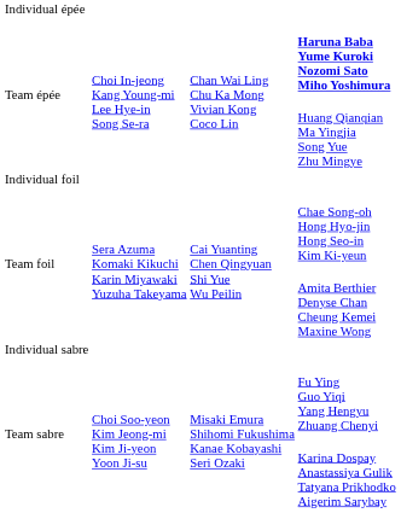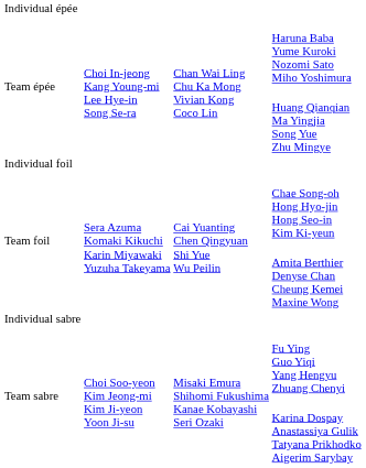 <table>
 <tr>
 <td rowspan=2>Individual épée</td>
 <td rowspan=2></td>
 <td rowspan=2></td>
 <td></td>
 </tr>
 <tr>
 <td></td>
 </tr>
 <tr>
 <td rowspan=2>Team épée</td>
 <td rowspan=2><br><a href='#'>Choi In-jeong</a><br><a href='#'>Kang Young-mi</a><br><a href='#'>Lee Hye-in</a><br><a href='#'>Song Se-ra</a></td>
 <td rowspan=2><br><a href='#'>Chan Wai Ling</a><br><a href='#'>Chu Ka Mong</a><br><a href='#'>Vivian Kong</a><br><a href='#'>Coco Lin</a></td>
-<td><strong><br><a href='#'>Haruna Baba</a><br><a href='#'>Yume Kuroki</a><br><a href='#'>Nozomi Sato</a><br><a href='#'>Miho Yoshimura</a></strong></td>
+<td><br><a href='#'>Haruna Baba</a><br><a href='#'>Yume Kuroki</a><br><a href='#'>Nozomi Sato</a><br><a href='#'>Miho Yoshimura</a></td>
 </tr>
 <tr>
 <td><br><a href='#'>Huang Qianqian</a><br><a href='#'>Ma Yingjia</a><br><a href='#'>Song Yue</a><br><a href='#'>Zhu Mingye</a></td>
 </tr>
 <tr>
 <td rowspan=2>Individual foil</td>
 <td rowspan=2></td>
 <td rowspan=2></td>
 <td></td>
 </tr>
 <tr>
 <td></td>
 </tr>
 <tr>
 <td rowspan=2>Team foil</td>
 <td rowspan=2><br><a href='#'>Sera Azuma</a><br><a href='#'>Komaki Kikuchi</a><br><a href='#'>Karin Miyawaki</a><br><a href='#'>Yuzuha Takeyama</a></td>
 <td rowspan=2><br><a href='#'>Cai Yuanting</a><br><a href='#'>Chen Qingyuan</a><br><a href='#'>Shi Yue</a><br><a href='#'>Wu Peilin</a></td>
 <td><br><a href='#'>Chae Song-oh</a><br><a href='#'>Hong Hyo-jin</a><br><a href='#'>Hong Seo-in</a><br><a href='#'>Kim Ki-yeun</a></td>
 </tr>
 <tr>
 <td><br><a href='#'>Amita Berthier</a><br><a href='#'>Denyse Chan</a><br><a href='#'>Cheung Kemei</a><br><a href='#'>Maxine Wong</a></td>
 </tr>
 <tr>
 <td rowspan=2>Individual sabre</td>
 <td rowspan=2></td>
 <td rowspan=2></td>
 <td></td>
 </tr>
 <tr>
 <td></td>
 </tr>
 <tr>
 <td rowspan=2>Team sabre</td>
 <td rowspan=2><br><a href='#'>Choi Soo-yeon</a><br><a href='#'>Kim Jeong-mi</a><br><a href='#'>Kim Ji-yeon</a><br><a href='#'>Yoon Ji-su</a></td>
 <td rowspan=2><br><a href='#'>Misaki Emura</a><br><a href='#'>Shihomi Fukushima</a><br><a href='#'>Kanae Kobayashi</a><br><a href='#'>Seri Ozaki</a></td>
 <td><br><a href='#'>Fu Ying</a><br><a href='#'>Guo Yiqi</a><br><a href='#'>Yang Hengyu</a><br><a href='#'>Zhuang Chenyi</a></td>
 </tr>
 <tr>
 <td><br><a href='#'>Karina Dospay</a><br><a href='#'>Anastassiya Gulik</a><br><a href='#'>Tatyana Prikhodko</a><br><a href='#'>Aigerim Sarybay</a></td>
 </tr>
 </table>
